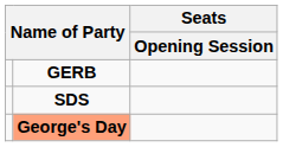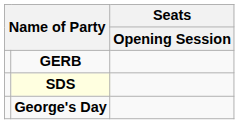 <table class="wikitable">
 <tr>
 <th colspan="2" rowspan="2">Name of Party</th>
 <th colspan="2">Seats</th>
 </tr>
 <tr>
 <th>Opening Session</th>
 </tr>
 <tr>
 <td style="color:inherit;background:"></td>
 <td style="text-align:center"><strong>GERB</strong></td>
 <td></td>
 </tr>
 <tr>
 <td style="color:inherit;background:"></td>
-<td style="text-align:center"><strong>SDS</strong></td>
+<td style="background: lightyellow; text-align:center"><strong>SDS</strong></td>
 <td></td>
 </tr>
 <tr>
 <td style="color:inherit;background:"></td>
-<td style="background: lightsalmon; text-align:center"><strong>George's Day</strong></td>
+<td style="text-align:center"><strong>George's Day</strong></td>
 <td></td>
 </tr>
 </table>
